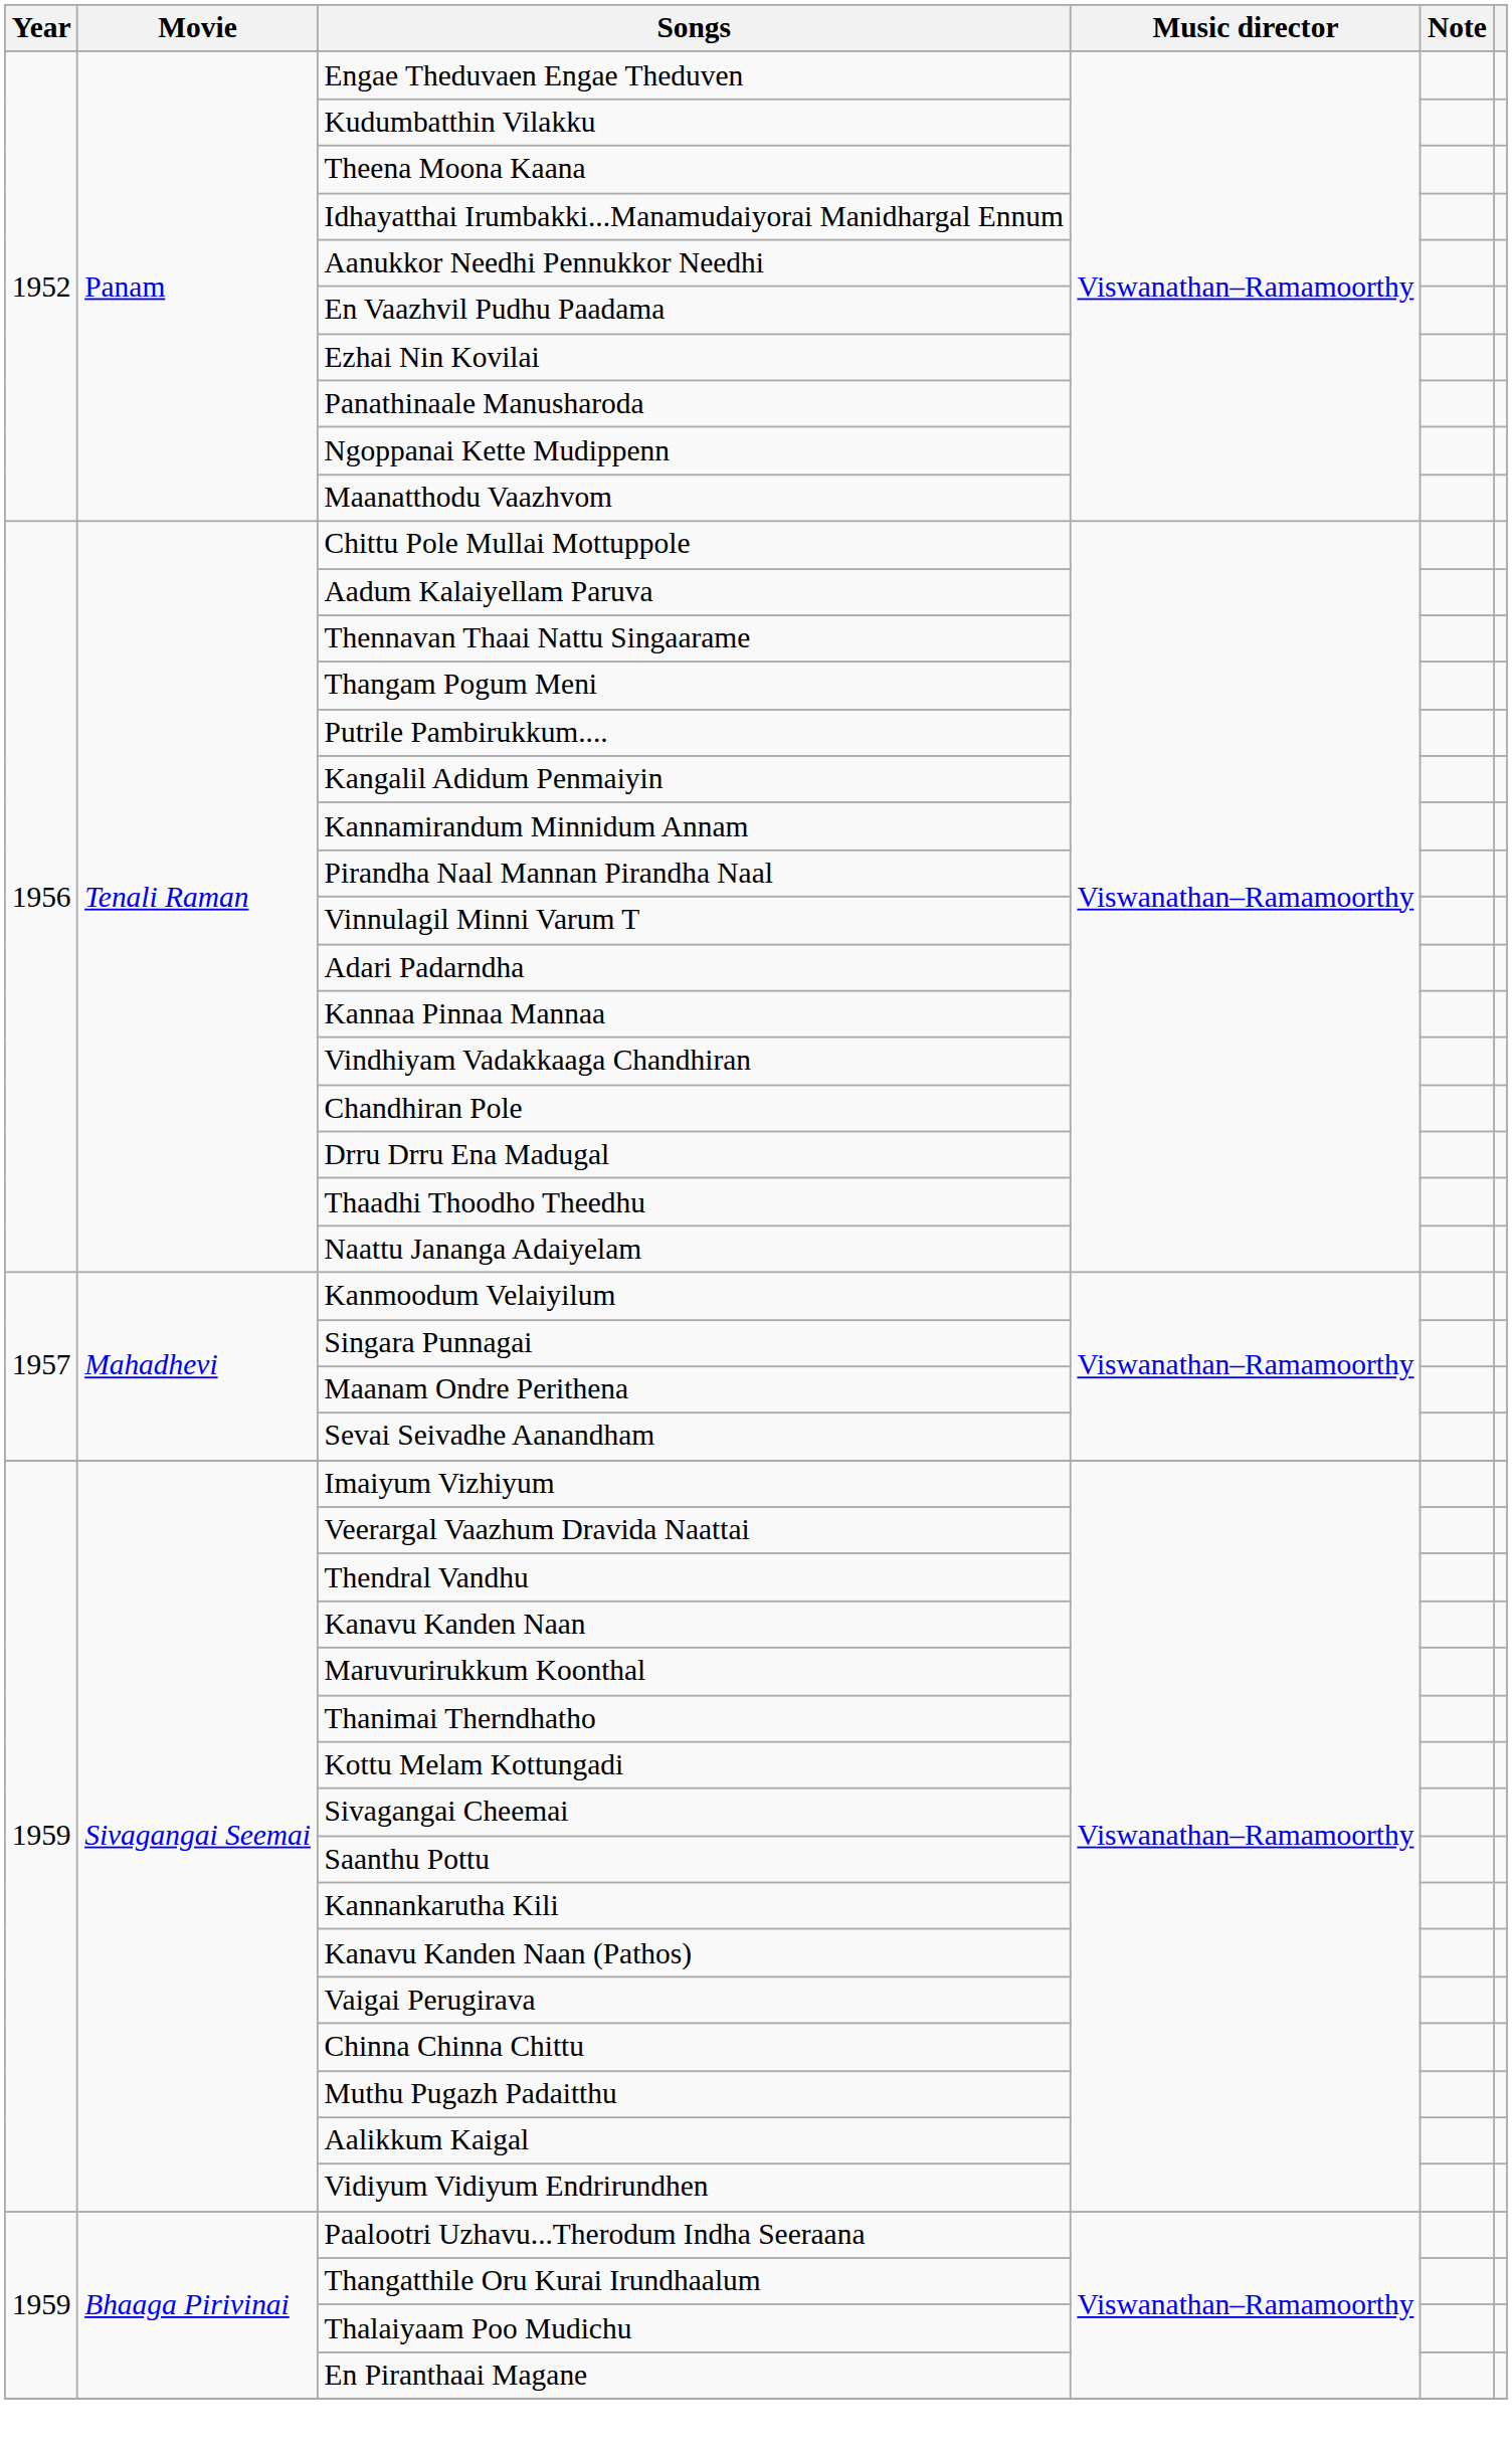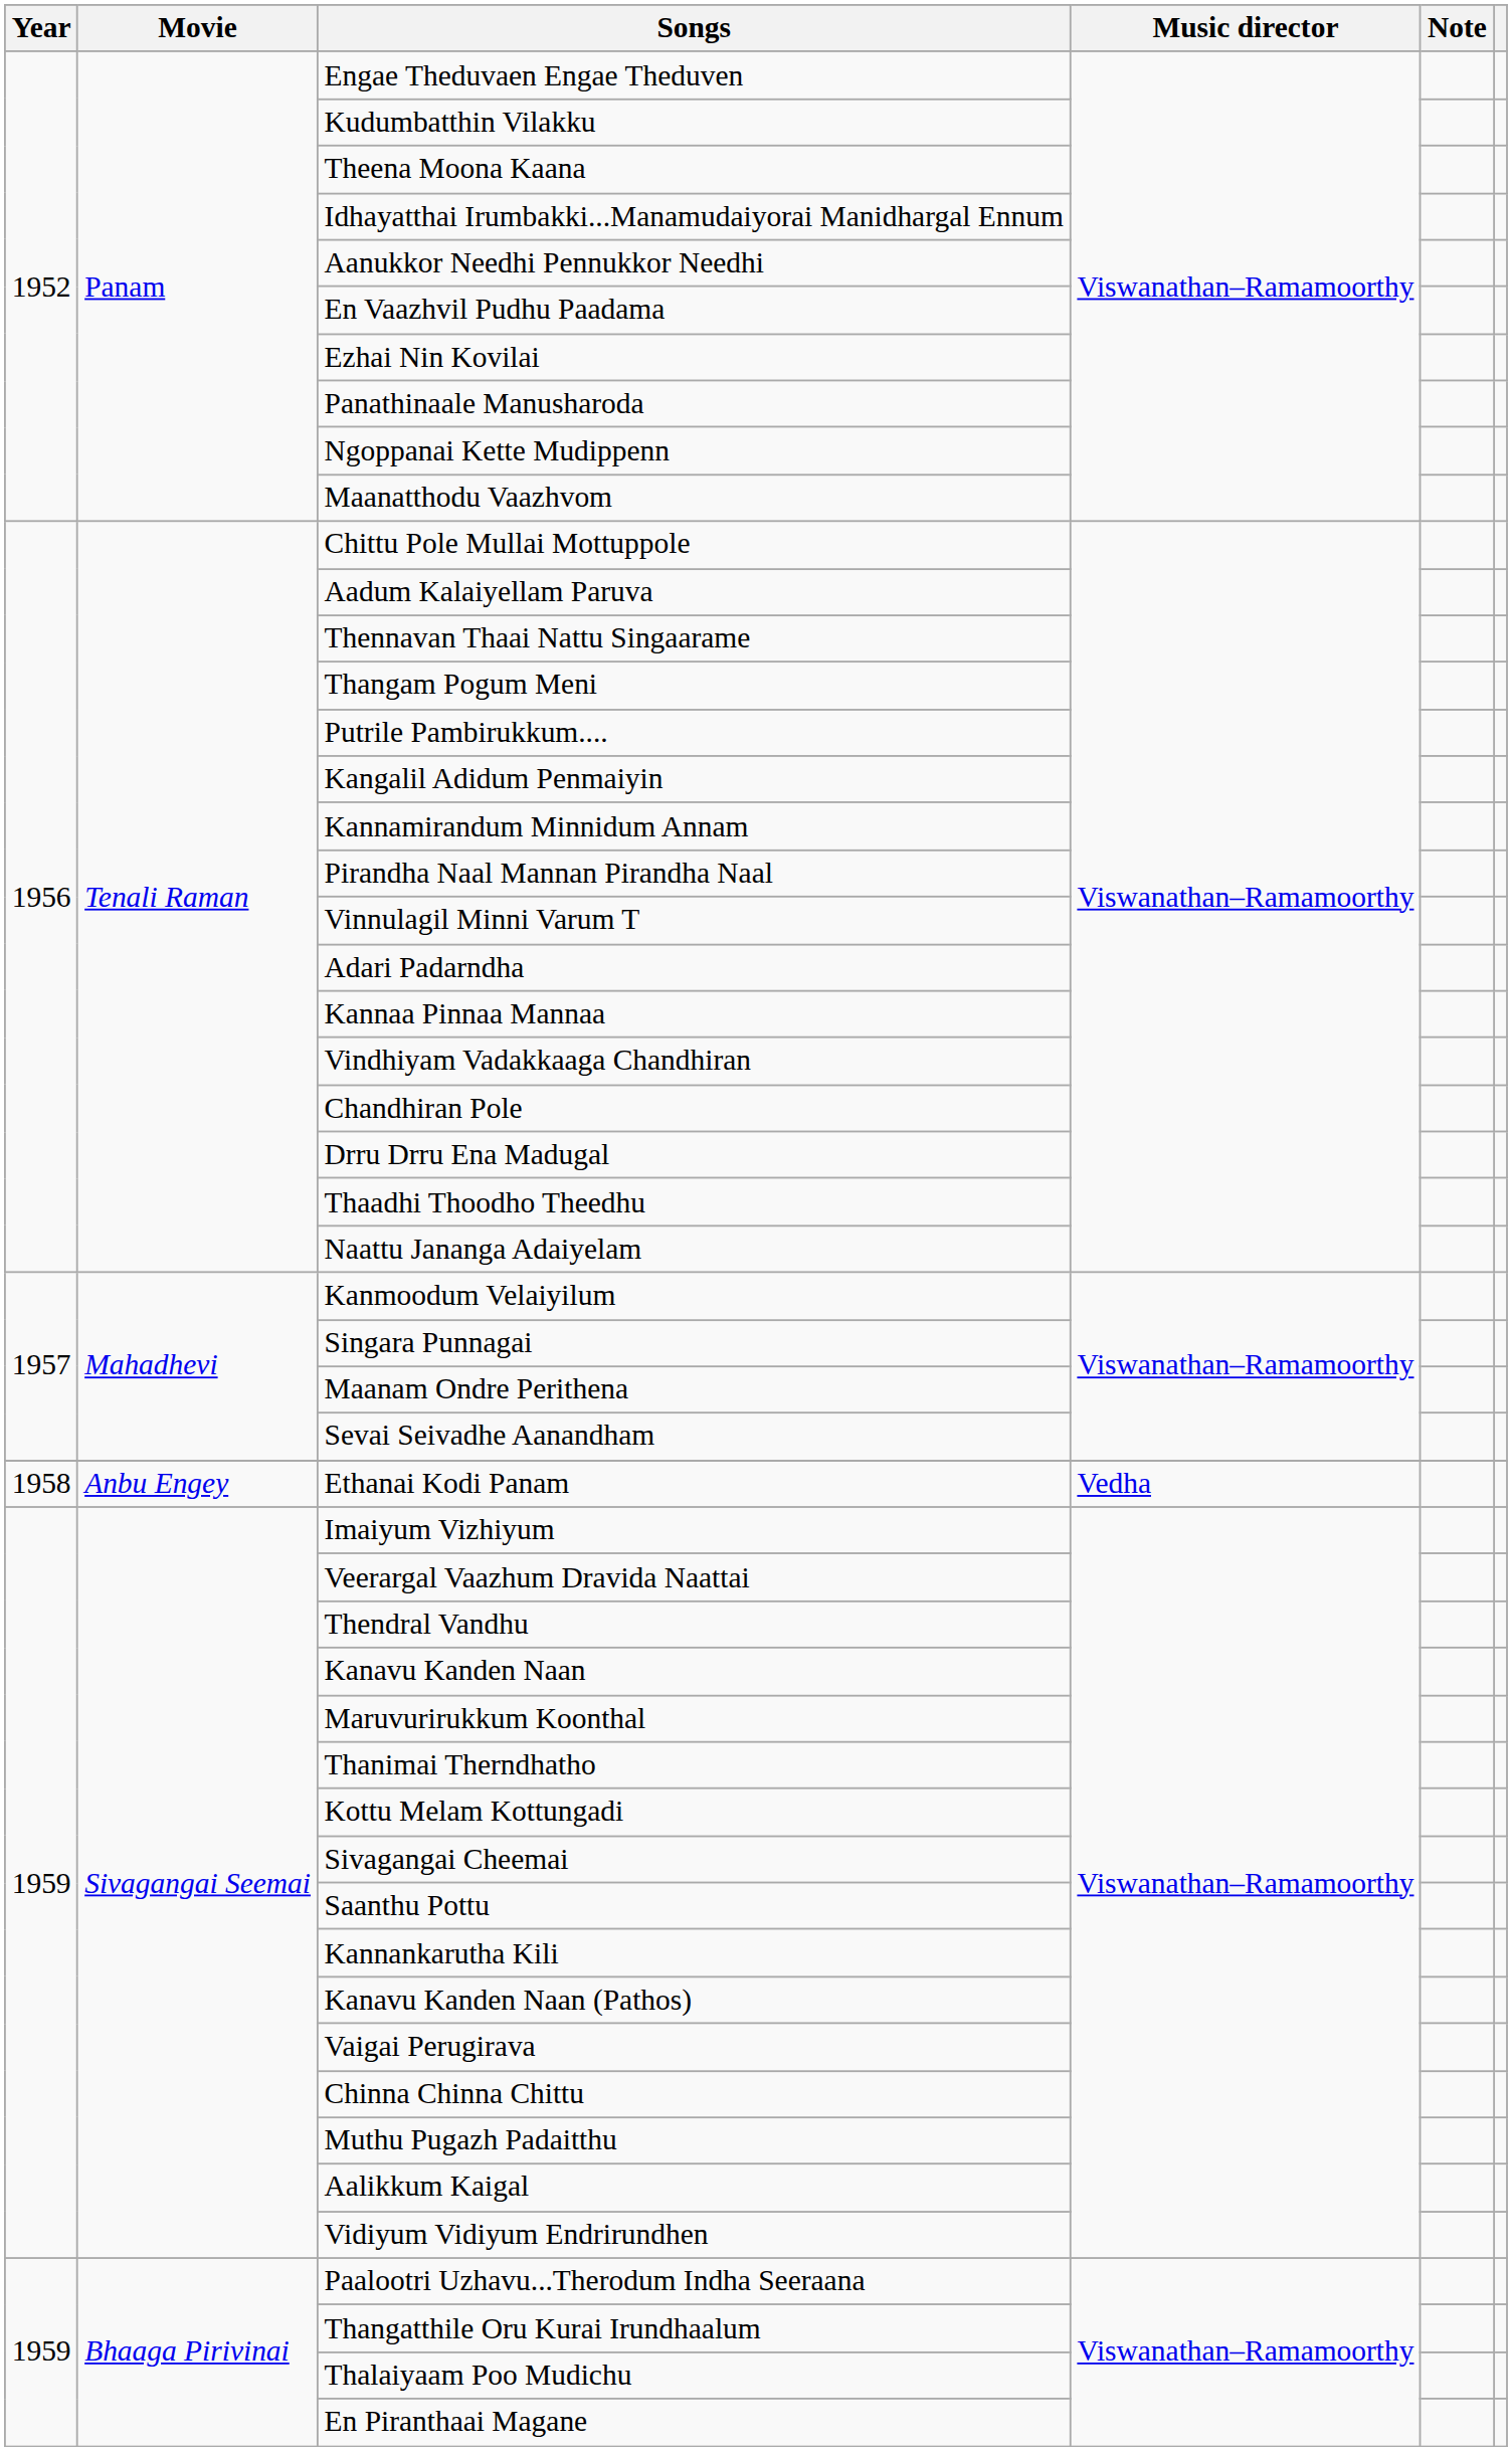 <table class="wikitable">
 <tr>
 <th>Year</th>
 <th>Movie</th>
 <th>Songs</th>
 <th>Music director</th>
 <th>Note</th>
 <th class="unsortable"></th>
 </tr>
 <tr>
 <td rowspan="10">1952</td>
 <td rowspan="10"><a href='#'>Panam</a></td>
 <td>Engae Theduvaen Engae Theduven</td>
 <td rowspan="10"><a href='#'>Viswanathan–Ramamoorthy</a></td>
 <td></td>
 <td></td>
 </tr>
 <tr>
 <td>Kudumbatthin Vilakku</td>
 <td></td>
 <td></td>
 </tr>
 <tr>
 <td>Theena Moona Kaana</td>
 <td></td>
 <td></td>
 </tr>
 <tr>
 <td>Idhayatthai Irumbakki...Manamudaiyorai Manidhargal Ennum</td>
 <td></td>
 <td></td>
 </tr>
 <tr>
 <td>Aanukkor Needhi Pennukkor Needhi</td>
 <td></td>
 <td></td>
 </tr>
 <tr>
 <td>En Vaazhvil Pudhu Paadama</td>
 <td></td>
 <td></td>
 </tr>
 <tr>
 <td>Ezhai Nin Kovilai</td>
 <td></td>
 <td></td>
 </tr>
 <tr>
 <td>Panathinaale Manusharoda</td>
 <td></td>
 <td></td>
 </tr>
 <tr>
 <td>Ngoppanai Kette Mudippenn</td>
 <td></td>
 <td></td>
 </tr>
 <tr>
 <td>Maanatthodu Vaazhvom</td>
 <td></td>
 <td></td>
 </tr>
 <tr>
 <td rowspan=16>1956</td>
 <td rowspan=16><em><a href='#'>Tenali Raman</a></em></td>
 <td>Chittu Pole Mullai Mottuppole</td>
 <td rowspan=16><a href='#'>Viswanathan–Ramamoorthy</a></td>
 <td></td>
 <td></td>
 </tr>
 <tr>
 <td>Aadum Kalaiyellam Paruva</td>
 <td></td>
 <td></td>
 </tr>
 <tr>
 <td>Thennavan Thaai Nattu Singaarame</td>
 <td></td>
 <td></td>
 </tr>
 <tr>
 <td>Thangam Pogum Meni</td>
 <td></td>
 <td></td>
 </tr>
 <tr>
 <td>Putrile Pambirukkum....</td>
 <td></td>
 <td></td>
 </tr>
 <tr>
 <td>Kangalil Adidum Penmaiyin</td>
 <td></td>
 <td></td>
 </tr>
 <tr>
 <td>Kannamirandum Minnidum Annam</td>
 <td></td>
 <td></td>
 </tr>
 <tr>
 <td>Pirandha Naal Mannan Pirandha Naal</td>
 <td></td>
 <td></td>
 </tr>
 <tr>
 <td>Vinnulagil Minni Varum T</td>
 <td></td>
 <td></td>
 </tr>
 <tr>
 <td>Adari Padarndha</td>
 <td></td>
 <td></td>
 </tr>
 <tr>
 <td>Kannaa Pinnaa Mannaa</td>
 <td></td>
 <td></td>
 </tr>
 <tr>
 <td>Vindhiyam Vadakkaaga Chandhiran</td>
 <td></td>
 <td></td>
 </tr>
 <tr>
 <td>Chandhiran Pole</td>
 <td></td>
 <td></td>
 </tr>
 <tr>
 <td>Drru Drru Ena Madugal</td>
 <td></td>
 <td></td>
 </tr>
 <tr>
 <td>Thaadhi Thoodho Theedhu</td>
 <td></td>
 <td></td>
 </tr>
 <tr>
 <td>Naattu Jananga Adaiyelam</td>
 <td></td>
 <td></td>
 </tr>
 <tr>
 <td rowspan=4>1957</td>
 <td rowspan=4><em><a href='#'>Mahadhevi</a></em></td>
 <td>Kanmoodum Velaiyilum</td>
 <td rowspan=4><a href='#'>Viswanathan–Ramamoorthy</a></td>
 <td></td>
 <td></td>
 </tr>
 <tr>
 <td>Singara Punnagai</td>
 <td></td>
 <td></td>
 </tr>
 <tr>
 <td>Maanam Ondre Perithena</td>
 <td></td>
 <td></td>
 </tr>
 <tr>
 <td>Sevai Seivadhe Aanandham</td>
 <td></td>
 <td></td>
 </tr>
 <tr>
 </tr>
 <tr>
+<td>1958</td>
+<td><em><a href='#'>Anbu Engey</a></em></td>
+<td>Ethanai Kodi Panam</td>
+<td><a href='#'>Vedha</a></td>
+<td></td>
+<td></td>
+</tr>
+<tr>
 <td rowspan=16>1959</td>
 <td rowspan=16><em><a href='#'>Sivagangai Seemai</a></em></td>
 <td>Imaiyum Vizhiyum</td>
 <td rowspan=16><a href='#'>Viswanathan–Ramamoorthy</a></td>
 <td></td>
 <td></td>
 </tr>
 <tr>
 <td>Veerargal Vaazhum Dravida Naattai</td>
 <td></td>
 <td></td>
 </tr>
 <tr>
 <td>Thendral Vandhu</td>
 <td></td>
 <td></td>
 </tr>
 <tr>
 <td>Kanavu Kanden Naan</td>
 <td></td>
 <td></td>
 </tr>
 <tr>
 <td>Maruvurirukkum Koonthal</td>
 <td></td>
 <td></td>
 </tr>
 <tr>
 <td>Thanimai Therndhatho</td>
 <td></td>
 <td></td>
 </tr>
 <tr>
 <td>Kottu Melam Kottungadi</td>
 <td></td>
 <td></td>
 </tr>
 <tr>
 <td>Sivagangai Cheemai</td>
 <td></td>
 <td></td>
 </tr>
 <tr>
 <td>Saanthu Pottu</td>
 <td></td>
 <td></td>
 </tr>
 <tr>
 <td>Kannankarutha Kili</td>
 <td></td>
 <td></td>
 </tr>
 <tr>
 <td>Kanavu Kanden Naan (Pathos)</td>
 <td></td>
 <td></td>
 </tr>
 <tr>
 <td>Vaigai Perugirava</td>
 <td></td>
 <td></td>
 </tr>
 <tr>
 <td>Chinna Chinna Chittu</td>
 <td></td>
 <td></td>
 </tr>
 <tr>
 <td>Muthu Pugazh Padaitthu</td>
 <td></td>
 <td></td>
 </tr>
 <tr>
 <td>Aalikkum Kaigal</td>
 <td></td>
 <td></td>
 </tr>
 <tr>
 <td>Vidiyum Vidiyum Endrirundhen</td>
 <td></td>
 <td></td>
 </tr>
 <tr>
 <td rowspan=4>1959</td>
 <td rowspan=4><em><a href='#'>Bhaaga Pirivinai</a></em></td>
 <td>Paalootri Uzhavu...Therodum Indha Seeraana</td>
 <td rowspan=4><a href='#'>Viswanathan–Ramamoorthy</a></td>
 <td></td>
 <td></td>
 </tr>
 <tr>
 <td>Thangatthile Oru Kurai Irundhaalum</td>
 <td></td>
 <td></td>
 </tr>
 <tr>
 <td>Thalaiyaam Poo Mudichu</td>
 <td></td>
 <td></td>
 </tr>
 <tr>
 <td>En Piranthaai Magane</td>
 <td></td>
 <td></td>
 </tr>
 <tr>
 </tr>
 </table>
